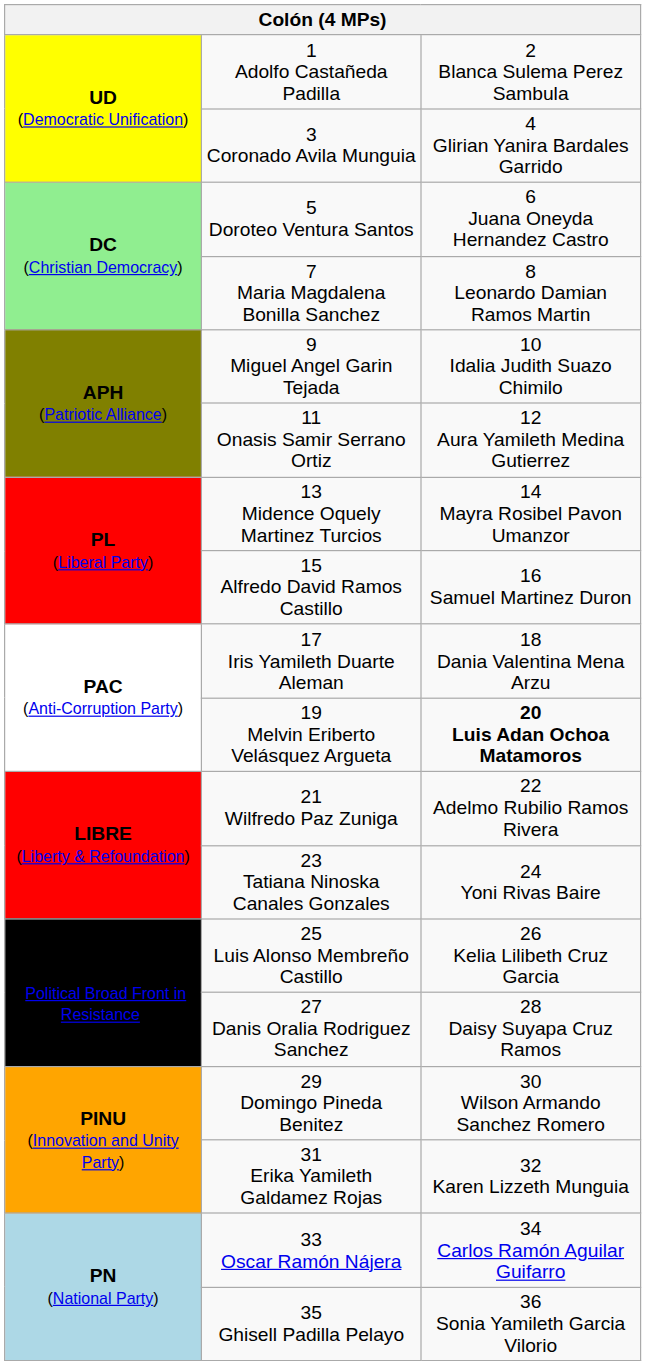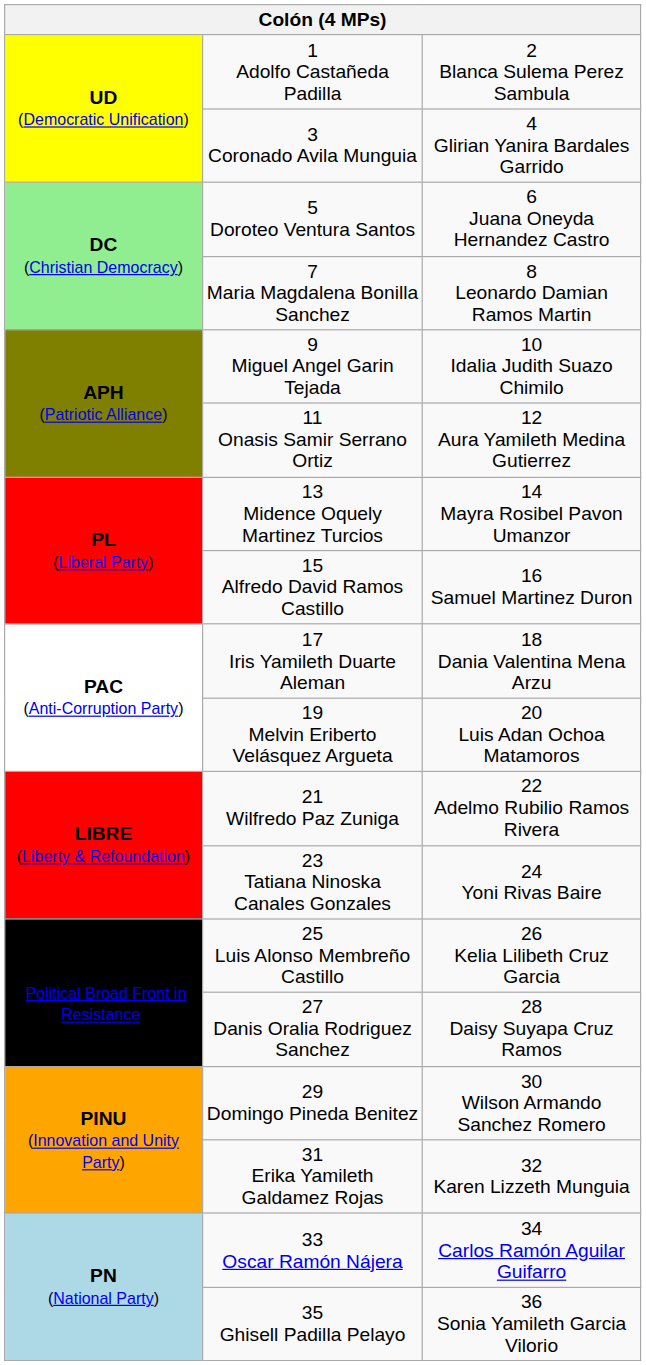 <table class="wikitable" align="center" style="width: 42%">
 <tr>
 <th colspan=24>Colón (4 MPs)</th>
 </tr>
 <tr align="center">
 <td bgcolor="yellow" rowspan=2><span><span><strong>UD</strong></span></span><br><small>(<a href='#'>Democratic Unification</a>)</small></td>
 <td>1<br>Adolfo Castañeda Padilla</td>
 <td>2<br>Blanca Sulema Perez Sambula</td>
 </tr>
 <tr align="center">
 <td>3<br>Coronado Avila Munguia</td>
 <td>4<br>Glirian Yanira Bardales Garrido</td>
 </tr>
 <tr align="center">
 <td bgcolor="lightgreen" rowspan=2><span><span><strong>DC</strong></span></span><br><small>(<a href='#'>Christian Democracy</a>)</small></td>
 <td>5<br>Doroteo Ventura Santos</td>
 <td>6<br>Juana Oneyda Hernandez Castro</td>
 </tr>
 <tr align="center">
 <td>7<br>Maria Magdalena Bonilla Sanchez</td>
 <td>8<br>Leonardo Damian Ramos Martin</td>
 </tr>
 <tr align="center">
 <td bgcolor="olive" rowspan=2><span><span><strong>APH</strong></span></span><br><small>(<a href='#'>Patriotic Alliance</a>)</small></td>
 <td>9<br>Miguel Angel Garin Tejada</td>
 <td>10<br>Idalia Judith Suazo Chimilo</td>
 </tr>
 <tr align="center">
 <td>11<br>Onasis Samir Serrano Ortiz</td>
 <td>12<br>Aura Yamileth Medina Gutierrez</td>
 </tr>
 <tr align="center">
 <td bgcolor="red" rowspan=2><span><span><strong>PL</strong></span></span><br><small>(<a href='#'>Liberal Party</a>)</small></td>
 <td>13<br>Midence Oquely Martinez Turcios</td>
 <td>14<br>Mayra Rosibel Pavon Umanzor</td>
 </tr>
 <tr align="center">
 <td>15<br>Alfredo David Ramos Castillo</td>
 <td>16<br>Samuel Martinez Duron</td>
 </tr>
 <tr align="center">
 <td bgcolor="white" rowspan=2><span><span><strong>PAC</strong></span></span><br><small>(<a href='#'>Anti-Corruption Party</a>)</small></td>
 <td>17<br>Iris Yamileth Duarte Aleman</td>
 <td>18<br>Dania Valentina Mena Arzu</td>
 </tr>
 <tr align="center">
 <td>19<br>Melvin Eriberto Velásquez Argueta</td>
-<td><strong>20<br>Luis Adan Ochoa Matamoros</strong></td>
+<td>20<br>Luis Adan Ochoa Matamoros</td>
 </tr>
 <tr align="center">
 <td bgcolor="red" rowspan=2><span><span><strong>LIBRE</strong></span></span><br><small>(<a href='#'>Liberty & Refoundation</a>)</small></td>
 <td>21<br>Wilfredo Paz Zuniga</td>
 <td>22<br>Adelmo Rubilio Ramos Rivera</td>
 </tr>
 <tr align="center">
 <td>23<br>Tatiana Ninoska Canales Gonzales</td>
 <td>24<br>Yoni Rivas Baire</td>
 </tr>
 <tr align="center">
 <td bgcolor="black" rowspan=2><span><span><strong>FAPER</strong></span></span><br><small>(<a href='#'>Political Broad Front in Resistance</a>)</small></td>
 <td>25<br>Luis Alonso Membreño Castillo</td>
 <td>26<br>Kelia Lilibeth Cruz Garcia</td>
 </tr>
 <tr align="center">
 <td>27<br>Danis Oralia Rodriguez Sanchez</td>
 <td>28<br>Daisy Suyapa Cruz Ramos</td>
 </tr>
 <tr align="center">
 <td bgcolor="orange" rowspan=2><span><span><strong>PINU</strong></span></span><br><small>(<a href='#'>Innovation and Unity Party</a>)</small></td>
 <td>29<br>Domingo Pineda Benitez</td>
 <td>30<br>Wilson Armando Sanchez Romero</td>
 </tr>
 <tr align="center">
 <td>31<br>Erika Yamileth Galdamez Rojas</td>
 <td>32<br>Karen Lizzeth Munguia</td>
 </tr>
 <tr align="center">
 <td bgcolor="lightblue" rowspan=2><span><span><strong>PN</strong></span></span><br><small>(<a href='#'>National Party</a>)</small></td>
 <td>33<br><a href='#'>Oscar Ramón Nájera</a></td>
 <td>34<br><a href='#'>Carlos Ramón Aguilar Guifarro</a></td>
 </tr>
 <tr align="center">
 <td>35<br>Ghisell Padilla Pelayo</td>
 <td>36<br>Sonia Yamileth Garcia Vilorio</td>
 </tr>
 </table>
